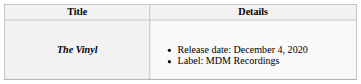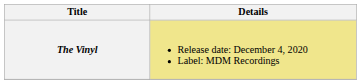 <table class="wikitable plainrowheaders">
 <tr>
 <th style="width:14em;">Title</th>
 <th style="width:20em;">Details</th>
 </tr>
 <tr>
 <th scope="row"><em>The Vinyl</em></th>
-<td><br><ul><li>Release date: December 4, 2020</li><li>Label: MDM Recordings</li></ul></td>
+<td style="background: khaki;"><br><ul><li>Release date: December 4, 2020</li><li>Label: MDM Recordings</li></ul></td>
 </tr>
 <tr>
 </tr>
 </table>
